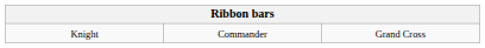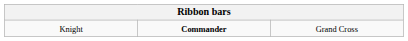 <table align=center class=wikitable width=40% style="margin:1em auto;">
 <tr>
 <th colspan=3>Ribbon bars</th>
 </tr>
 <tr>
 <td width=33% valign=top align=center><small>Knight</small></td>
-<td width=33% valign=top align=center><small>Commander</small></td>
+<td width=33% valign=top align=center><strong><small>Commander</small></strong></td>
 <td width=33% valign=top align=center><small>Grand Cross</small></td>
 </tr>
 </table>
